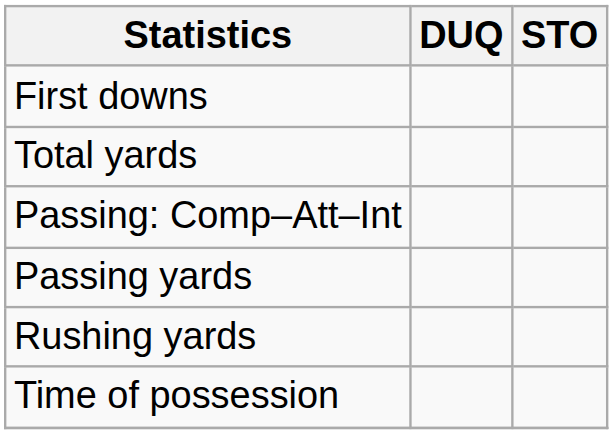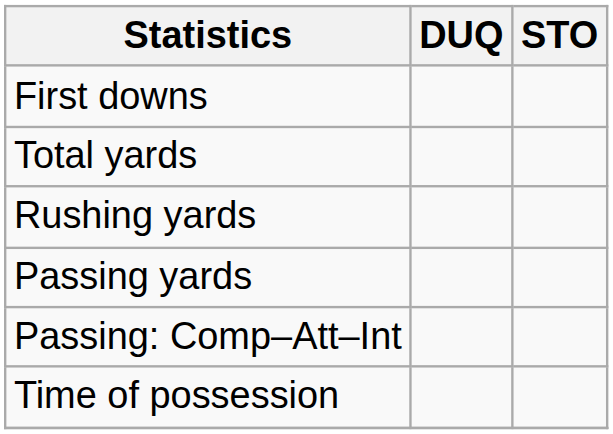 <table class="wikitable" style="float: left;">
 <tr>
 <th>Statistics</th>
 <th>DUQ</th>
 <th>STO</th>
 </tr>
 <tr>
 <td>First downs</td>
 <td></td>
 <td></td>
 </tr>
 <tr>
 <td>Total yards</td>
 <td></td>
 <td></td>
 </tr>
 <tr>
-<td>Passing: Comp–Att–Int</td>
+<td>Rushing yards</td>
 <td></td>
 <td></td>
 </tr>
 <tr>
 <td>Passing yards</td>
 <td></td>
 <td></td>
 </tr>
 <tr>
-<td>Rushing yards</td>
+<td>Passing: Comp–Att–Int</td>
 <td></td>
 <td></td>
 </tr>
 <tr>
 <td>Time of possession</td>
 <td></td>
 <td></td>
 </tr>
 <tr>
 </tr>
 </table>
